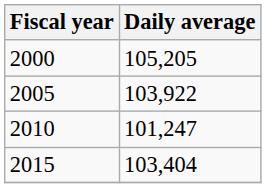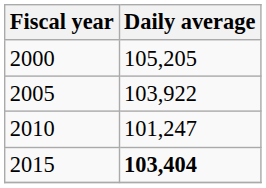 <table class="wikitable">
 <tr>
 <th>Fiscal year</th>
 <th>Daily average</th>
 </tr>
 <tr>
 <td>2000</td>
 <td>105,205</td>
 </tr>
 <tr>
 <td>2005</td>
 <td>103,922</td>
 </tr>
 <tr>
 <td>2010</td>
 <td>101,247</td>
 </tr>
 <tr>
 <td>2015</td>
-<td>103,404</td>
+<td><strong>103,404</strong></td>
 </tr>
 <tr>
 </tr>
 </table>
